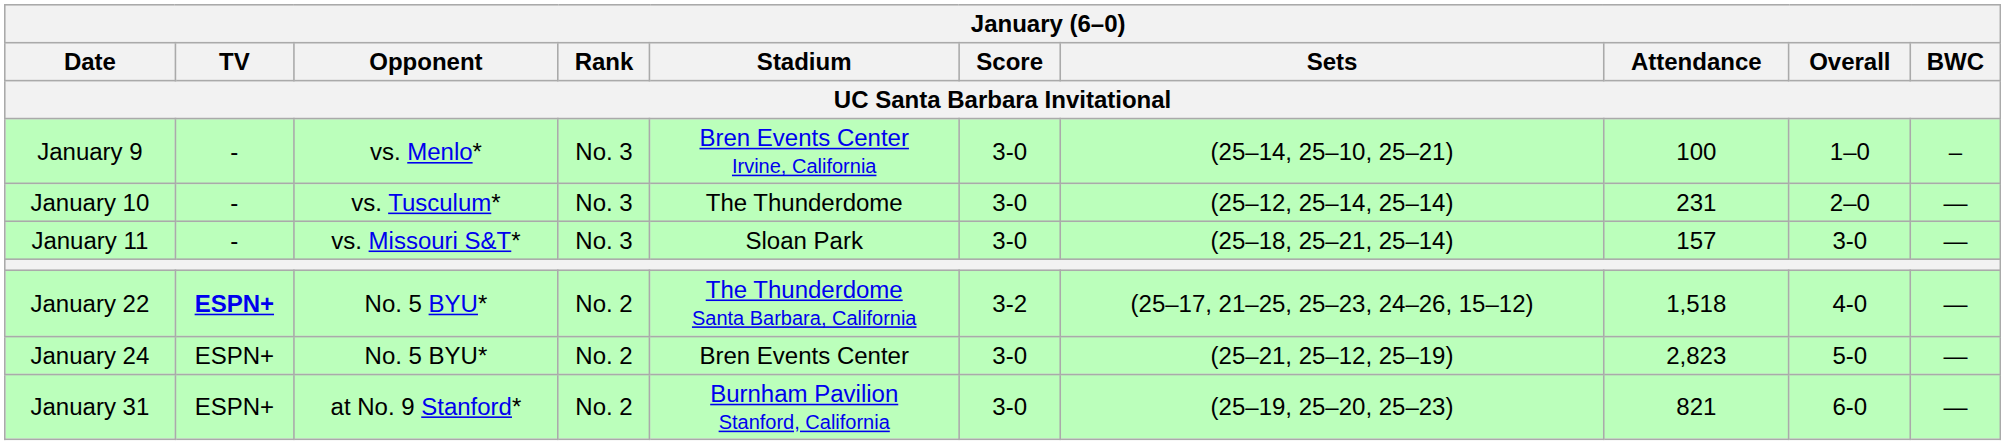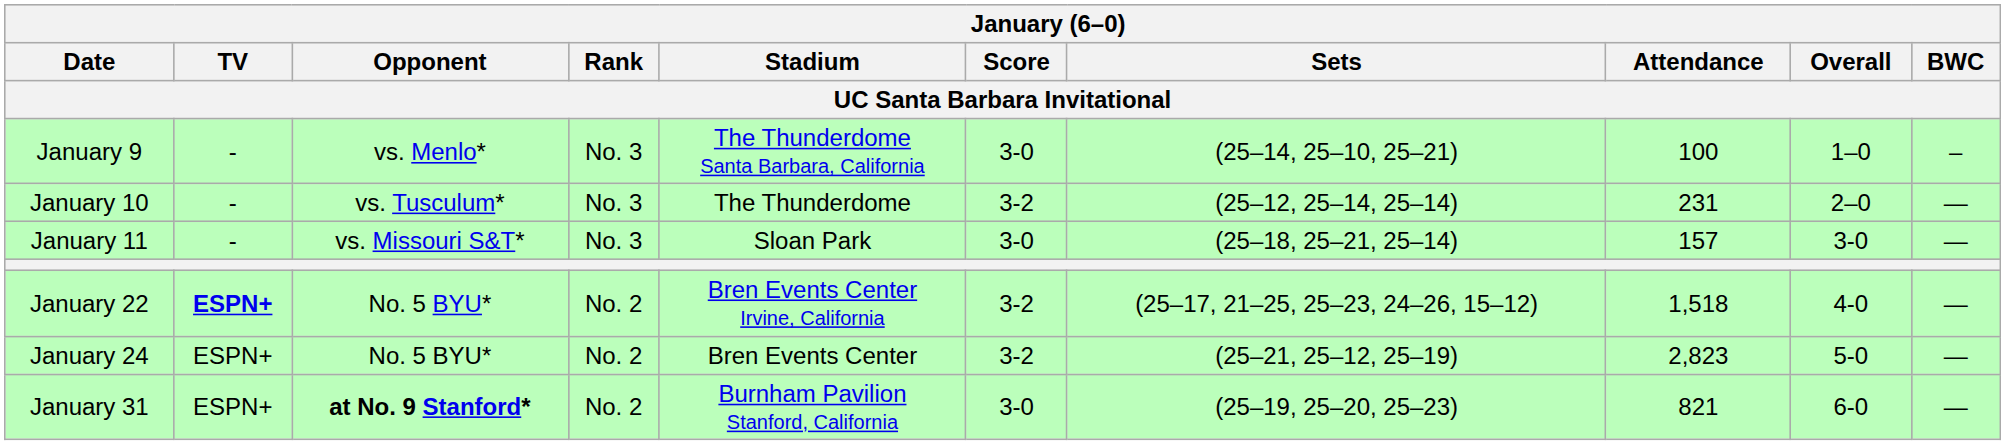 <table class="wikitable collapsible collapsed" style="margin:auto; width:100%; text-align:center; font-size:95%">
 <tr>
 <th colspan=12 style="padding-left:4em;">January (6–0)</th>
 </tr>
 <tr>
 <th bgcolor="#DDDDFF">Date</th>
 <th bgcolor="#DDDDFF">TV</th>
 <th bgcolor="#DDDDFF">Opponent</th>
 <th bgcolor="#DDDDFF">Rank</th>
 <th bgcolor="#DDDDFF">Stadium</th>
 <th bgcolor="#DDDDFF">Score</th>
 <th bgcolor="#DDDDFF">Sets</th>
 <th bgcolor="#DDDDFF">Attendance</th>
 <th bgcolor="#DDDDFF">Overall</th>
 <th bgcolor="#DDDDFF">BWC</th>
 </tr>
 <tr>
 <th colspan=14>UC Santa Barbara Invitational</th>
 </tr>
 <tr bgcolor="bbffbb">
 <td>January 9</td>
 <td>-</td>
 <td>vs. <a href='#'>Menlo</a>*</td>
 <td>No. 3</td>
-<td><a href='#'>Bren Events Center</a><br><small><a href='#'>Irvine, California</a></small></td>
+<td><a href='#'>The Thunderdome</a><br><small><a href='#'>Santa Barbara, California</a></small></td>
 <td>3-0</td>
 <td>(25–14, 25–10, 25–21)</td>
 <td>100</td>
 <td>1–0</td>
 <td>–</td>
 </tr>
 <tr bgcolor="bbffbb">
 <td>January 10</td>
 <td>-</td>
 <td>vs. <a href='#'>Tusculum</a>*</td>
 <td>No. 3</td>
 <td>The Thunderdome</td>
-<td>3-0</td>
+<td>3-2</td>
 <td>(25–12, 25–14, 25–14)</td>
 <td>231</td>
 <td>2–0</td>
 <td>—</td>
 </tr>
 <tr bgcolor="bbffbb">
 <td>January 11</td>
 <td>-</td>
 <td>vs. <a href='#'>Missouri S&T</a>*</td>
 <td>No. 3</td>
 <td>Sloan Park</td>
 <td>3-0</td>
 <td>(25–18, 25–21, 25–14)</td>
 <td>157</td>
 <td>3-0</td>
 <td>—</td>
 </tr>
 <tr bgcolor="ffffff">
 <th colspan=14></th>
 </tr>
 <tr bgcolor="bbffbb">
 <td>January 22</td>
 <td><strong><a href='#'>ESPN+</a></strong></td>
 <td>No. 5 <a href='#'>BYU</a>*</td>
 <td>No. 2</td>
-<td><a href='#'>The Thunderdome</a><br><small><a href='#'>Santa Barbara, California</a></small></td>
+<td><a href='#'>Bren Events Center</a><br><small><a href='#'>Irvine, California</a></small></td>
 <td>3-2</td>
 <td>(25–17, 21–25, 25–23, 24–26, 15–12)</td>
 <td>1,518</td>
 <td>4-0</td>
 <td>—</td>
 </tr>
 <tr bgcolor="bbffbb">
 <td>January 24</td>
 <td>ESPN+</td>
 <td>No. 5 BYU*</td>
 <td>No. 2</td>
 <td>Bren Events Center</td>
-<td>3-0</td>
+<td>3-2</td>
 <td>(25–21, 25–12, 25–19)</td>
 <td>2,823</td>
 <td>5-0</td>
 <td>—</td>
 </tr>
 <tr bgcolor="bbffbb">
 <td>January 31</td>
 <td>ESPN+</td>
-<td>at No. 9 <a href='#'>Stanford</a>*</td>
+<td><strong>at No. 9 <a href='#'>Stanford</a>*</strong></td>
 <td>No. 2</td>
 <td><a href='#'>Burnham Pavilion</a><br><small><a href='#'>Stanford, California</a></small></td>
 <td>3-0</td>
 <td>(25–19, 25–20, 25–23)</td>
 <td>821</td>
 <td>6-0</td>
 <td>—</td>
 </tr>
 </table>
